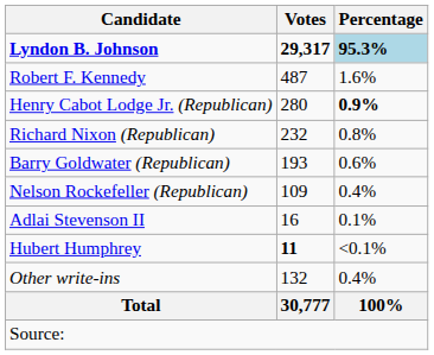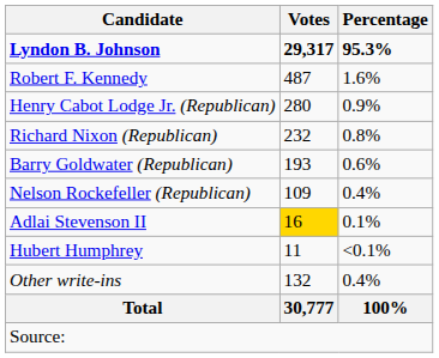 <table class="wikitable">
 <tr>
 <th>Candidate</th>
 <th>Votes</th>
 <th>Percentage</th>
 </tr>
 <tr>
 <td><strong><a href='#'>Lyndon B. Johnson</a></strong></td>
 <td><strong>29,317</strong></td>
-<td style="background: lightblue;"><strong>95.3%</strong></td>
+<td><strong>95.3%</strong></td>
 </tr>
 <tr>
 <td><a href='#'>Robert F. Kennedy</a></td>
 <td>487</td>
 <td>1.6%</td>
 </tr>
 <tr>
 <td><a href='#'>Henry Cabot Lodge Jr.</a> <em>(Republican)</em></td>
 <td>280</td>
-<td><strong>0.9%</strong></td>
+<td>0.9%</td>
 </tr>
 <tr>
 <td><a href='#'>Richard Nixon</a> <em>(Republican)</em></td>
 <td>232</td>
 <td>0.8%</td>
 </tr>
 <tr>
 <td><a href='#'>Barry Goldwater</a> <em>(Republican)</em></td>
 <td>193</td>
 <td>0.6%</td>
 </tr>
 <tr>
 <td><a href='#'>Nelson Rockefeller</a> <em>(Republican)</em></td>
 <td>109</td>
 <td>0.4%</td>
 </tr>
 <tr>
 <td><a href='#'>Adlai Stevenson II</a></td>
-<td>16</td>
+<td style="background: gold;">16</td>
 <td>0.1%</td>
 </tr>
 <tr>
 <td><a href='#'>Hubert Humphrey</a></td>
-<td><strong>11</strong></td>
+<td>11</td>
 <td><0.1%</td>
 </tr>
 <tr>
 <td><em>Other write-ins</em></td>
 <td>132</td>
 <td>0.4%</td>
 </tr>
 <tr>
 <th>Total</th>
 <th>30,777</th>
 <th>100%</th>
 </tr>
 <tr>
 <td colspan="3">Source:</td>
 </tr>
 </table>
